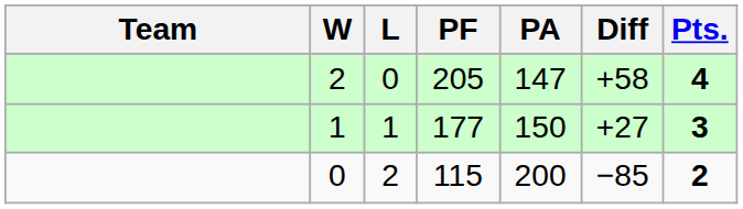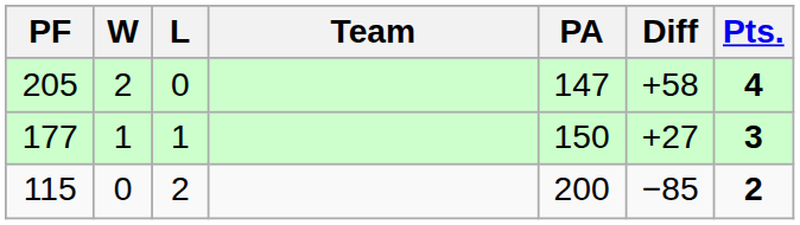 <table class=wikitable>
 <tr align=center>
-<th width=150px>Team</th>
+<th width=35px>PF</th>
 <th width=20px>W</th>
 <th width=20px>L</th>
-<th width=35px>PF</th>
+<th width=150px>Team</th>
 <th width=35px>PA</th>
 <th width=35px>Diff</th>
 <th width=30px><a href='#'>Pts.</a></th>
 </tr>
 <tr align=center bgcolor=ccffcc>
-<td align=left></td>
+<td>205</td>
 <td>2</td>
 <td>0</td>
-<td>205</td>
+<td align=left></td>
 <td>147</td>
 <td>+58</td>
 <td><strong>4</strong></td>
 </tr>
 <tr align=center bgcolor=ccffcc>
-<td align=left></td>
+<td>177</td>
 <td>1</td>
 <td>1</td>
-<td>177</td>
+<td align=left></td>
 <td>150</td>
 <td>+27</td>
 <td><strong>3</strong></td>
 </tr>
 <tr align=center>
-<td align=left></td>
+<td>115</td>
 <td>0</td>
 <td>2</td>
-<td>115</td>
+<td align=left></td>
 <td>200</td>
 <td>−85</td>
 <td><strong>2</strong></td>
 </tr>
 </table>
